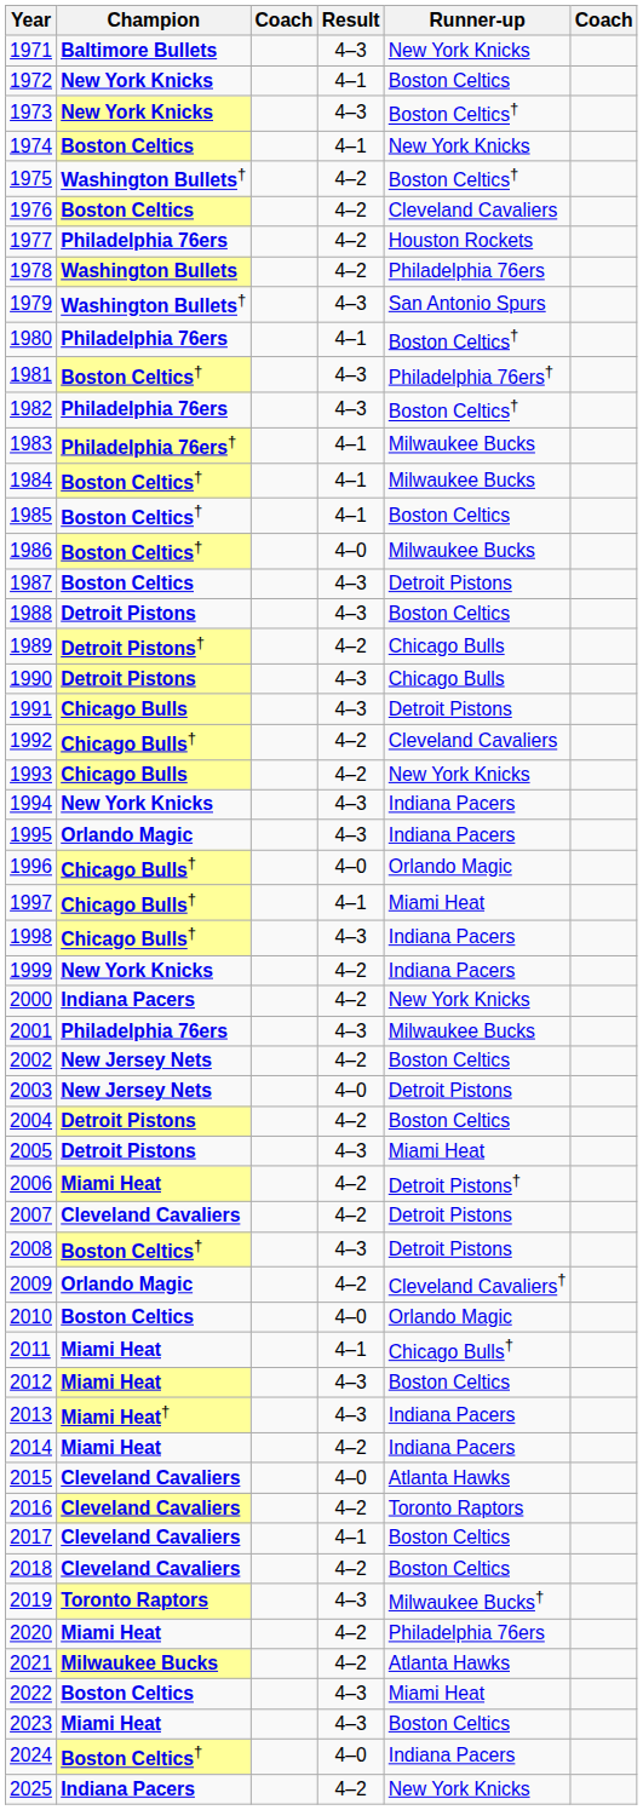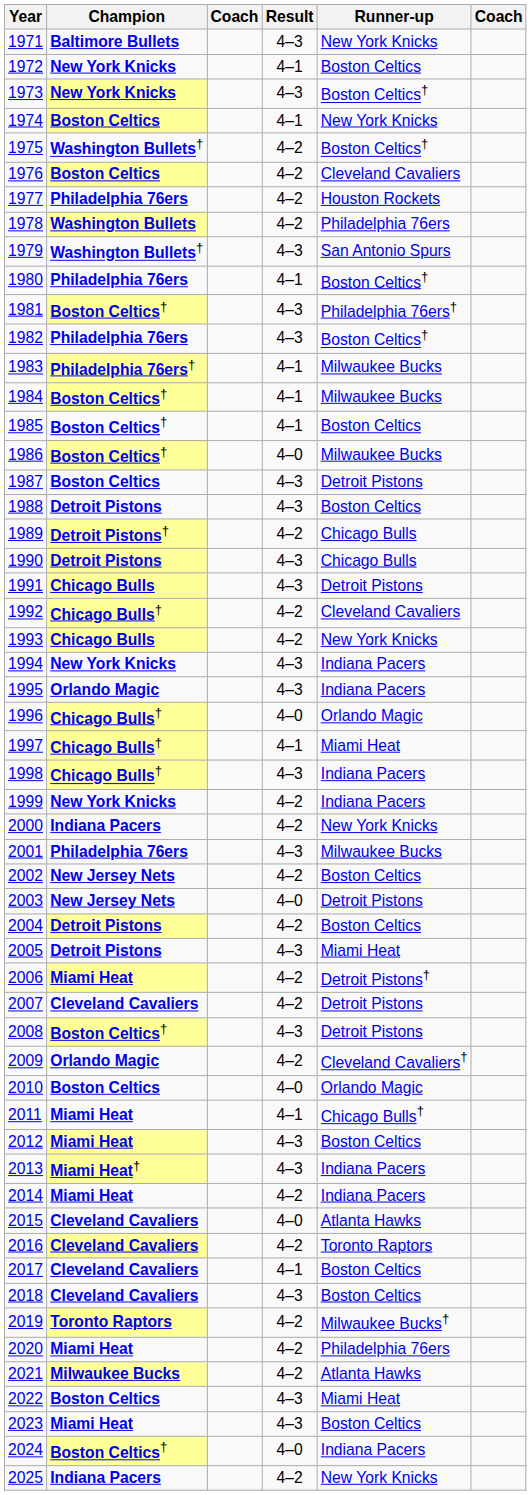 <table class="wikitable sortable">
 <tr>
 <th>Year</th>
 <th>Champion</th>
 <th>Coach</th>
 <th class="unsortable">Result</th>
 <th>Runner-up</th>
 <th>Coach</th>
 </tr>
 <tr>
 <td><a href='#'>1971</a></td>
 <td><strong><a href='#'>Baltimore Bullets</a></strong></td>
 <td></td>
 <td align=center>4–3</td>
 <td><a href='#'>New York Knicks</a></td>
 <td></td>
 </tr>
 <tr>
 <td><a href='#'>1972</a></td>
 <td><strong><a href='#'>New York Knicks</a></strong></td>
 <td></td>
 <td align=center>4–1</td>
 <td><a href='#'>Boston Celtics</a></td>
 <td></td>
 </tr>
 <tr>
 <td><a href='#'>1973</a></td>
 <td bgcolor=#FFFF99><strong><a href='#'>New York Knicks</a></strong></td>
 <td></td>
 <td align=center>4–3</td>
 <td><a href='#'>Boston Celtics</a><sup>†</sup></td>
 <td></td>
 </tr>
 <tr>
 <td><a href='#'>1974</a></td>
 <td bgcolor=#FFFF99><strong><a href='#'>Boston Celtics</a></strong></td>
 <td></td>
 <td align=center>4–1</td>
 <td><a href='#'>New York Knicks</a></td>
 <td></td>
 </tr>
 <tr>
 <td><a href='#'>1975</a></td>
 <td><strong><a href='#'>Washington Bullets</a></strong><sup>†</sup></td>
 <td></td>
 <td align=center>4–2</td>
 <td><a href='#'>Boston Celtics</a><sup>†</sup></td>
 <td></td>
 </tr>
 <tr>
 <td><a href='#'>1976</a></td>
 <td bgcolor=#FFFF99><strong><a href='#'>Boston Celtics</a></strong></td>
 <td></td>
 <td align=center>4–2</td>
 <td><a href='#'>Cleveland Cavaliers</a></td>
 <td></td>
 </tr>
 <tr>
 <td><a href='#'>1977</a></td>
 <td><strong><a href='#'>Philadelphia 76ers</a></strong></td>
 <td></td>
 <td align=center>4–2</td>
 <td><a href='#'>Houston Rockets</a></td>
 <td></td>
 </tr>
 <tr>
 <td><a href='#'>1978</a></td>
 <td bgcolor=#FFFF99><strong><a href='#'>Washington Bullets</a></strong></td>
 <td></td>
 <td align=center>4–2</td>
 <td><a href='#'>Philadelphia 76ers</a></td>
 <td></td>
 </tr>
 <tr>
 <td><a href='#'>1979</a></td>
 <td><strong><a href='#'>Washington Bullets</a></strong><sup>†</sup></td>
 <td></td>
 <td align=center>4–3</td>
 <td><a href='#'>San Antonio Spurs</a></td>
 <td></td>
 </tr>
 <tr>
 <td><a href='#'>1980</a></td>
 <td><strong><a href='#'>Philadelphia 76ers</a></strong></td>
 <td></td>
 <td align=center>4–1</td>
 <td><a href='#'>Boston Celtics</a><sup>†</sup></td>
 <td></td>
 </tr>
 <tr>
 <td><a href='#'>1981</a></td>
 <td bgcolor=#FFFF99><strong><a href='#'>Boston Celtics</a></strong><sup>†</sup></td>
 <td></td>
 <td align=center>4–3</td>
 <td><a href='#'>Philadelphia 76ers</a><sup>†</sup></td>
 <td></td>
 </tr>
 <tr>
 <td><a href='#'>1982</a></td>
 <td><strong><a href='#'>Philadelphia 76ers</a></strong></td>
 <td></td>
 <td align=center>4–3</td>
 <td><a href='#'>Boston Celtics</a><sup>†</sup></td>
 <td></td>
 </tr>
 <tr>
 <td><a href='#'>1983</a></td>
 <td bgcolor=#FFFF99><strong><a href='#'>Philadelphia 76ers</a></strong><sup>†</sup></td>
 <td></td>
 <td align=center>4–1</td>
 <td><a href='#'>Milwaukee Bucks</a></td>
 <td></td>
 </tr>
 <tr>
 <td><a href='#'>1984</a></td>
 <td bgcolor=#FFFF99><strong><a href='#'>Boston Celtics</a></strong><sup>†</sup></td>
 <td></td>
 <td align=center>4–1</td>
 <td><a href='#'>Milwaukee Bucks</a></td>
 <td></td>
 </tr>
 <tr>
 <td><a href='#'>1985</a></td>
 <td><strong><a href='#'>Boston Celtics</a></strong><sup>†</sup></td>
 <td></td>
 <td align=center>4–1</td>
 <td><a href='#'>Boston Celtics</a></td>
 <td></td>
 </tr>
 <tr>
 <td><a href='#'>1986</a></td>
 <td bgcolor=#FFFF99><strong><a href='#'>Boston Celtics</a></strong><sup>†</sup></td>
 <td></td>
 <td align=center>4–0</td>
 <td><a href='#'>Milwaukee Bucks</a></td>
 <td></td>
 </tr>
 <tr>
 <td><a href='#'>1987</a></td>
 <td><strong><a href='#'>Boston Celtics</a></strong></td>
 <td></td>
 <td align=center>4–3</td>
 <td><a href='#'>Detroit Pistons</a></td>
 <td></td>
 </tr>
 <tr>
 <td><a href='#'>1988</a></td>
 <td><strong><a href='#'>Detroit Pistons</a></strong></td>
 <td></td>
 <td align=center>4–3</td>
 <td><a href='#'>Boston Celtics</a></td>
 <td></td>
 </tr>
 <tr>
 <td><a href='#'>1989</a></td>
 <td bgcolor=#FFFF99><strong><a href='#'>Detroit Pistons</a></strong><sup>†</sup></td>
 <td></td>
 <td align=center>4–2</td>
 <td><a href='#'>Chicago Bulls</a></td>
 <td></td>
 </tr>
 <tr>
 <td><a href='#'>1990</a></td>
 <td bgcolor=#FFFF99><strong><a href='#'>Detroit Pistons</a></strong></td>
 <td></td>
 <td align=center>4–3</td>
 <td><a href='#'>Chicago Bulls</a></td>
 <td></td>
 </tr>
 <tr>
 <td><a href='#'>1991</a></td>
 <td bgcolor=#FFFF99><strong><a href='#'>Chicago Bulls</a></strong></td>
 <td></td>
 <td align=center>4–3</td>
 <td><a href='#'>Detroit Pistons</a></td>
 <td></td>
 </tr>
 <tr>
 <td><a href='#'>1992</a></td>
 <td bgcolor=#FFFF99><strong><a href='#'>Chicago Bulls</a></strong><sup>†</sup></td>
 <td></td>
 <td align=center>4–2</td>
 <td><a href='#'>Cleveland Cavaliers</a></td>
 <td></td>
 </tr>
 <tr>
 <td><a href='#'>1993</a></td>
 <td bgcolor=#FFFF99><strong><a href='#'>Chicago Bulls</a></strong></td>
 <td></td>
 <td align=center>4–2</td>
 <td><a href='#'>New York Knicks</a></td>
 <td></td>
 </tr>
 <tr>
 <td><a href='#'>1994</a></td>
 <td><strong><a href='#'>New York Knicks</a></strong></td>
 <td></td>
 <td align=center>4–3</td>
 <td><a href='#'>Indiana Pacers</a></td>
 <td></td>
 </tr>
 <tr>
 <td><a href='#'>1995</a></td>
 <td><strong><a href='#'>Orlando Magic</a></strong></td>
 <td></td>
 <td align=center>4–3</td>
 <td><a href='#'>Indiana Pacers</a></td>
 <td></td>
 </tr>
 <tr>
 <td><a href='#'>1996</a></td>
 <td bgcolor=#FFFF99><strong><a href='#'>Chicago Bulls</a></strong><sup>†</sup></td>
 <td></td>
 <td align=center>4–0</td>
 <td><a href='#'>Orlando Magic</a></td>
 <td></td>
 </tr>
 <tr>
 <td><a href='#'>1997</a></td>
 <td bgcolor=#FFFF99><strong><a href='#'>Chicago Bulls</a></strong><sup>†</sup></td>
 <td></td>
 <td align=center>4–1</td>
 <td><a href='#'>Miami Heat</a></td>
 <td></td>
 </tr>
 <tr>
 <td><a href='#'>1998</a></td>
 <td bgcolor=#FFFF99><strong><a href='#'>Chicago Bulls</a></strong><sup>†</sup></td>
 <td></td>
 <td align=center>4–3</td>
 <td><a href='#'>Indiana Pacers</a></td>
 <td></td>
 </tr>
 <tr>
 <td><a href='#'>1999</a></td>
 <td><strong><a href='#'>New York Knicks</a></strong></td>
 <td></td>
 <td align=center>4–2</td>
 <td><a href='#'>Indiana Pacers</a></td>
 <td></td>
 </tr>
 <tr>
 <td><a href='#'>2000</a></td>
 <td><strong><a href='#'>Indiana Pacers</a></strong></td>
 <td></td>
 <td align=center>4–2</td>
 <td><a href='#'>New York Knicks</a></td>
 <td></td>
 </tr>
 <tr>
 <td><a href='#'>2001</a></td>
 <td><strong><a href='#'>Philadelphia 76ers</a></strong></td>
 <td></td>
 <td align=center>4–3</td>
 <td><a href='#'>Milwaukee Bucks</a></td>
 <td></td>
 </tr>
 <tr>
 <td><a href='#'>2002</a></td>
 <td><strong><a href='#'>New Jersey Nets</a></strong></td>
 <td></td>
 <td align=center>4–2</td>
 <td><a href='#'>Boston Celtics</a></td>
 <td></td>
 </tr>
 <tr>
 <td><a href='#'>2003</a></td>
 <td><strong><a href='#'>New Jersey Nets</a></strong></td>
 <td></td>
 <td align=center>4–0</td>
 <td><a href='#'>Detroit Pistons</a></td>
 <td></td>
 </tr>
 <tr>
 <td><a href='#'>2004</a></td>
 <td bgcolor=#FFFF99><strong><a href='#'>Detroit Pistons</a></strong></td>
 <td></td>
 <td align=center>4–2</td>
 <td><a href='#'>Boston Celtics</a></td>
 <td></td>
 </tr>
 <tr>
 <td><a href='#'>2005</a></td>
 <td><strong><a href='#'>Detroit Pistons</a></strong></td>
 <td></td>
 <td align=center>4–3</td>
 <td><a href='#'>Miami Heat</a></td>
 <td></td>
 </tr>
 <tr>
 <td><a href='#'>2006</a></td>
 <td bgcolor=#FFFF99><strong><a href='#'>Miami Heat</a></strong></td>
 <td></td>
 <td align=center>4–2</td>
 <td><a href='#'>Detroit Pistons</a><sup>†</sup></td>
 <td></td>
 </tr>
 <tr>
 <td><a href='#'>2007</a></td>
 <td><strong><a href='#'>Cleveland Cavaliers</a></strong></td>
 <td></td>
 <td align=center>4–2</td>
 <td><a href='#'>Detroit Pistons</a></td>
 <td></td>
 </tr>
 <tr>
 <td><a href='#'>2008</a></td>
 <td bgcolor=#FFFF99><strong><a href='#'>Boston Celtics</a></strong><sup>†</sup></td>
 <td></td>
 <td align=center>4–3</td>
 <td><a href='#'>Detroit Pistons</a></td>
 <td></td>
 </tr>
 <tr>
 <td><a href='#'>2009</a></td>
 <td><strong><a href='#'>Orlando Magic</a></strong></td>
 <td></td>
 <td align=center>4–2</td>
 <td><a href='#'>Cleveland Cavaliers</a><sup>†</sup></td>
 <td></td>
 </tr>
 <tr>
 <td><a href='#'>2010</a></td>
 <td><strong><a href='#'>Boston Celtics</a></strong></td>
 <td></td>
 <td align=center>4–0</td>
 <td><a href='#'>Orlando Magic</a></td>
 <td></td>
 </tr>
 <tr>
 <td><a href='#'>2011</a></td>
 <td><strong><a href='#'>Miami Heat</a></strong></td>
 <td></td>
 <td align=center>4–1</td>
 <td><a href='#'>Chicago Bulls</a><sup>†</sup></td>
 <td></td>
 </tr>
 <tr>
 <td><a href='#'>2012</a></td>
 <td bgcolor=#FFFF99><strong><a href='#'>Miami Heat</a></strong></td>
 <td></td>
 <td align=center>4–3</td>
 <td><a href='#'>Boston Celtics</a></td>
 <td></td>
 </tr>
 <tr>
 <td><a href='#'>2013</a></td>
 <td bgcolor=#FFFF99><strong><a href='#'>Miami Heat</a></strong><sup>†</sup></td>
 <td></td>
 <td align=center>4–3</td>
 <td><a href='#'>Indiana Pacers</a></td>
 <td></td>
 </tr>
 <tr>
 <td><a href='#'>2014</a></td>
 <td><strong><a href='#'>Miami Heat</a></strong></td>
 <td></td>
 <td align=center>4–2</td>
 <td><a href='#'>Indiana Pacers</a></td>
 <td></td>
 </tr>
 <tr>
 <td><a href='#'>2015</a></td>
 <td><strong><a href='#'>Cleveland Cavaliers</a></strong></td>
 <td></td>
 <td align=center>4–0</td>
 <td><a href='#'>Atlanta Hawks</a></td>
 <td></td>
 </tr>
 <tr>
 <td><a href='#'>2016</a></td>
 <td bgcolor=#FFFF99><strong><a href='#'>Cleveland Cavaliers</a></strong></td>
 <td></td>
 <td align=center>4–2</td>
 <td><a href='#'>Toronto Raptors</a></td>
 <td></td>
 </tr>
 <tr>
 <td><a href='#'>2017</a></td>
 <td><strong><a href='#'>Cleveland Cavaliers</a></strong></td>
 <td></td>
 <td align=center>4–1</td>
 <td><a href='#'>Boston Celtics</a></td>
 <td></td>
 </tr>
 <tr>
 <td><a href='#'>2018</a></td>
 <td><strong><a href='#'>Cleveland Cavaliers</a></strong></td>
 <td></td>
-<td align=center>4–2</td>
+<td align=center>4–3</td>
 <td><a href='#'>Boston Celtics</a></td>
 <td></td>
 </tr>
 <tr>
 <td><a href='#'>2019</a></td>
 <td bgcolor=#FFFF99><strong><a href='#'>Toronto Raptors</a></strong></td>
 <td></td>
-<td align=center>4–3</td>
+<td align=center>4–2</td>
 <td><a href='#'>Milwaukee Bucks</a><sup>†</sup></td>
 <td></td>
 </tr>
 <tr>
 <td><a href='#'>2020</a></td>
 <td><strong><a href='#'>Miami Heat</a></strong></td>
 <td></td>
 <td align=center>4–2</td>
 <td><a href='#'>Philadelphia 76ers</a></td>
 <td></td>
 </tr>
 <tr>
 <td><a href='#'>2021</a></td>
 <td bgcolor=#FFFF99><strong><a href='#'>Milwaukee Bucks</a></strong></td>
 <td></td>
 <td align=center>4–2</td>
 <td><a href='#'>Atlanta Hawks</a></td>
 <td></td>
 </tr>
 <tr>
 <td><a href='#'>2022</a></td>
 <td><strong><a href='#'>Boston Celtics</a></strong></td>
 <td></td>
 <td align=center>4–3</td>
 <td><a href='#'>Miami Heat</a></td>
 <td></td>
 </tr>
 <tr>
 <td><a href='#'>2023</a></td>
 <td><strong><a href='#'>Miami Heat</a></strong></td>
 <td></td>
 <td align=center>4–3</td>
 <td><a href='#'>Boston Celtics</a></td>
 <td></td>
 </tr>
 <tr>
 <td><a href='#'>2024</a></td>
 <td bgcolor=#FFFF99><strong><a href='#'>Boston Celtics</a></strong><sup>†</sup></td>
 <td></td>
 <td align=center>4–0</td>
 <td><a href='#'>Indiana Pacers</a></td>
 <td></td>
 </tr>
 <tr>
 <td><a href='#'>2025</a></td>
 <td><strong><a href='#'>Indiana Pacers</a></strong></td>
 <td></td>
 <td align=center>4–2</td>
 <td><a href='#'>New York Knicks</a></td>
 <td></td>
 </tr>
 </table>
